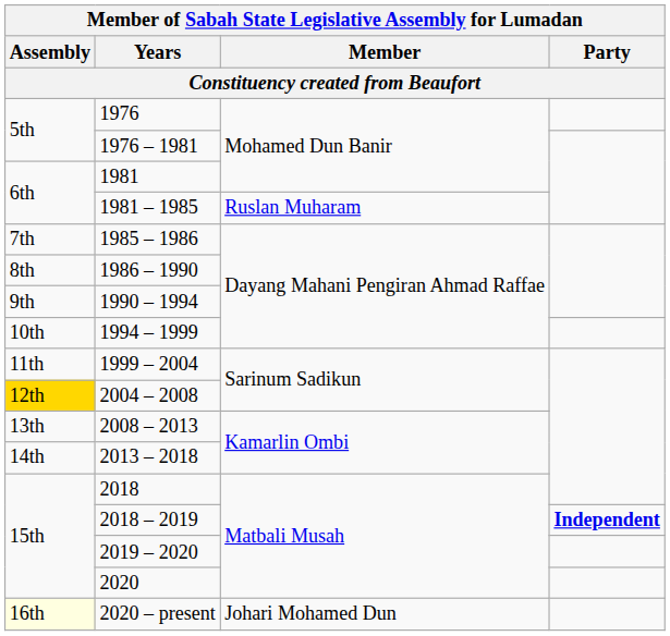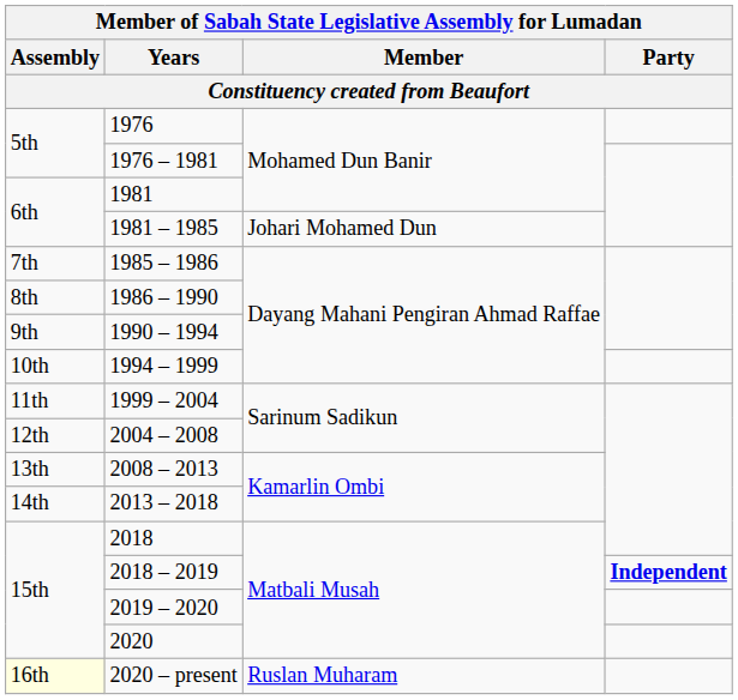 <table class="wikitable">
 <tr>
 <th colspan="4">Member of <a href='#'>Sabah State Legislative Assembly</a> for Lumadan</th>
 </tr>
 <tr>
 <th>Assembly</th>
 <th>Years</th>
 <th>Member</th>
 <th>Party</th>
 </tr>
 <tr>
 <th colspan="4" align="center"><em>Constituency created from Beaufort</em></th>
 </tr>
 <tr>
 <td rowspan="2">5th</td>
 <td>1976</td>
 <td rowspan="3">Mohamed Dun Banir</td>
 <td></td>
 </tr>
 <tr>
 <td>1976 – 1981</td>
 <td rowspan="3"></td>
 </tr>
 <tr>
 <td rowspan="2">6th</td>
 <td>1981</td>
 </tr>
 <tr>
 <td>1981 – 1985</td>
-<td><a href='#'>Ruslan Muharam</a></td>
+<td>Johari Mohamed Dun</td>
 </tr>
 <tr>
 <td>7th</td>
 <td>1985 – 1986</td>
 <td rowspan="4">Dayang Mahani Pengiran Ahmad Raffae</td>
 <td rowspan="3"></td>
 </tr>
 <tr>
 <td>8th</td>
 <td>1986 – 1990</td>
 </tr>
 <tr>
 <td>9th</td>
 <td>1990 – 1994</td>
 </tr>
 <tr>
 <td>10th</td>
 <td>1994 – 1999</td>
 <td></td>
 </tr>
 <tr>
 <td>11th</td>
 <td>1999 – 2004</td>
 <td rowspan="2">Sarinum Sadikun</td>
 <td rowspan="5"></td>
 </tr>
 <tr>
-<td style="background: gold;">12th</td>
+<td>12th</td>
 <td>2004 – 2008</td>
 </tr>
 <tr>
 <td>13th</td>
 <td>2008 – 2013</td>
 <td rowspan="2"><a href='#'>Kamarlin Ombi</a></td>
 </tr>
 <tr>
 <td>14th</td>
 <td>2013 – 2018</td>
 </tr>
 <tr>
 <td rowspan="4">15th</td>
 <td>2018</td>
 <td rowspan="4"><a href='#'>Matbali Musah</a></td>
 </tr>
 <tr>
 <td>2018 – 2019</td>
 <td><strong><a href='#'>Independent</a></strong></td>
 </tr>
 <tr>
 <td>2019 – 2020</td>
 <td></td>
 </tr>
 <tr>
 <td>2020</td>
 <td></td>
 </tr>
 <tr>
 <td style="background: lightyellow;">16th</td>
 <td>2020 – present</td>
-<td>Johari Mohamed Dun</td>
+<td><a href='#'>Ruslan Muharam</a></td>
 <td></td>
 </tr>
 </table>
